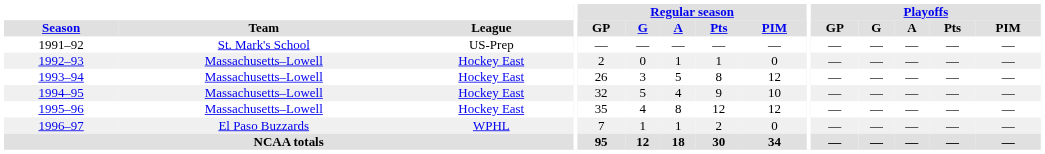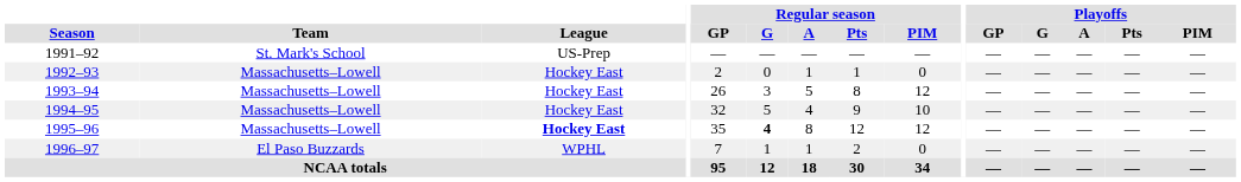 <table border="0" cellpadding="1" cellspacing="0" style="text-align:center; width:80em">
 <tr bgcolor="#e0e0e0">
 <th colspan="3" bgcolor="#ffffff"></th>
 <th rowspan="99" bgcolor="#ffffff"></th>
 <th colspan="5"><a href='#'>Regular season</a></th>
 <th rowspan="99" bgcolor="#ffffff"></th>
 <th colspan="5"><a href='#'>Playoffs</a></th>
 </tr>
 <tr bgcolor="#e0e0e0">
 <th><a href='#'>Season</a></th>
 <th>Team</th>
 <th>League</th>
 <th>GP</th>
 <th><a href='#'>G</a></th>
 <th><a href='#'>A</a></th>
 <th><a href='#'>Pts</a></th>
 <th><a href='#'>PIM</a></th>
 <th>GP</th>
 <th>G</th>
 <th>A</th>
 <th>Pts</th>
 <th>PIM</th>
 </tr>
 <tr>
 <td>1991–92</td>
 <td><a href='#'>St. Mark's School</a></td>
 <td>US-Prep</td>
 <td>—</td>
 <td>—</td>
 <td>—</td>
 <td>—</td>
 <td>—</td>
 <td>—</td>
 <td>—</td>
 <td>—</td>
 <td>—</td>
 <td>—</td>
 </tr>
 <tr bgcolor="f0f0f0">
 <td><a href='#'>1992–93</a></td>
 <td><a href='#'>Massachusetts–Lowell</a></td>
 <td><a href='#'>Hockey East</a></td>
 <td>2</td>
 <td>0</td>
 <td>1</td>
 <td>1</td>
 <td>0</td>
 <td>—</td>
 <td>—</td>
 <td>—</td>
 <td>—</td>
 <td>—</td>
 </tr>
 <tr>
 <td><a href='#'>1993–94</a></td>
 <td><a href='#'>Massachusetts–Lowell</a></td>
 <td><a href='#'>Hockey East</a></td>
 <td>26</td>
 <td>3</td>
 <td>5</td>
 <td>8</td>
 <td>12</td>
 <td>—</td>
 <td>—</td>
 <td>—</td>
 <td>—</td>
 <td>—</td>
 </tr>
 <tr bgcolor="f0f0f0">
 <td><a href='#'>1994–95</a></td>
 <td><a href='#'>Massachusetts–Lowell</a></td>
 <td><a href='#'>Hockey East</a></td>
 <td>32</td>
 <td>5</td>
 <td>4</td>
 <td>9</td>
 <td>10</td>
 <td>—</td>
 <td>—</td>
 <td>—</td>
 <td>—</td>
 <td>—</td>
 </tr>
 <tr>
 <td><a href='#'>1995–96</a></td>
 <td><a href='#'>Massachusetts–Lowell</a></td>
-<td><a href='#'>Hockey East</a></td>
+<td><strong><a href='#'>Hockey East</a></strong></td>
 <td>35</td>
-<td>4</td>
+<td><strong>4</strong></td>
 <td>8</td>
 <td>12</td>
 <td>12</td>
 <td>—</td>
 <td>—</td>
 <td>—</td>
 <td>—</td>
 <td>—</td>
 </tr>
 <tr bgcolor="f0f0f0">
 <td><a href='#'>1996–97</a></td>
 <td><a href='#'>El Paso Buzzards</a></td>
 <td><a href='#'>WPHL</a></td>
 <td>7</td>
 <td>1</td>
 <td>1</td>
 <td>2</td>
 <td>0</td>
 <td>—</td>
 <td>—</td>
 <td>—</td>
 <td>—</td>
 <td>—</td>
 </tr>
 <tr bgcolor="#e0e0e0">
 <th colspan="3">NCAA totals</th>
 <th>95</th>
 <th>12</th>
 <th>18</th>
 <th>30</th>
 <th>34</th>
 <th>—</th>
 <th>—</th>
 <th>—</th>
 <th>—</th>
 <th>—</th>
 </tr>
 </table>
